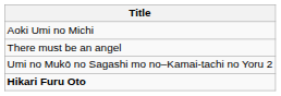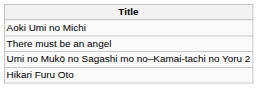 <table class="wikitable">
 <tr>
 <th>Title</th>
 </tr>
 <tr>
 <td>Aoki Umi no Michi</td>
 </tr>
 <tr>
 <td>There must be an angel</td>
 </tr>
 <tr>
 <td>Umi no Mukō no Sagashi mo no–Kamai-tachi no Yoru 2</td>
 </tr>
 <tr>
-<td><strong>Hikari Furu Oto</strong></td>
+<td>Hikari Furu Oto</td>
 </tr>
 </table>
